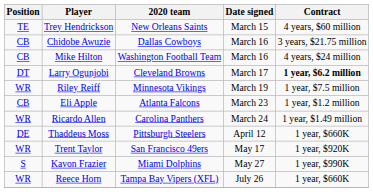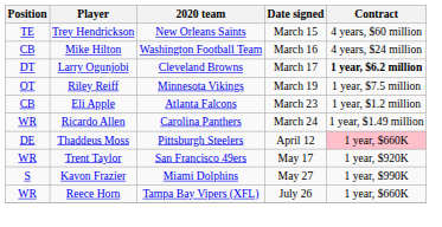 <table class="wikitable" style="text-align:center">
 <tr>
 <th>Position</th>
 <th>Player</th>
 <th>2020 team</th>
 <th>Date signed</th>
 <th>Contract</th>
 </tr>
 <tr>
 <td><a href='#'>TE</a></td>
 <td><a href='#'>Trey Hendrickson</a></td>
 <td><a href='#'>New Orleans Saints</a></td>
 <td>March 15</td>
 <td>4 years, $60 million</td>
 </tr>
 <tr>
 <td><a href='#'>CB</a></td>
-<td><a href='#'>Chidobe Awuzie</a></td>
-<td><a href='#'>Dallas Cowboys</a></td>
-<td>March 16</td>
-<td>3 years, $21.75 million</td>
-</tr>
-<tr>
-<td><a href='#'>CB</a></td>
 <td><a href='#'>Mike Hilton</a></td>
 <td><a href='#'>Washington Football Team</a></td>
 <td>March 16</td>
 <td>4 years, $24 million</td>
 </tr>
 <tr>
 <td><a href='#'>DT</a></td>
 <td><a href='#'>Larry Ogunjobi</a></td>
 <td><a href='#'>Cleveland Browns</a></td>
 <td>March 17</td>
 <td><strong>1 year, $6.2 million</strong></td>
 </tr>
 <tr>
-<td><a href='#'>WR</a></td>
+<td><a href='#'>OT</a></td>
 <td><a href='#'>Riley Reiff</a></td>
 <td><a href='#'>Minnesota Vikings</a></td>
 <td>March 19</td>
 <td>1 year, $7.5 million</td>
 </tr>
 <tr>
 <td><a href='#'>CB</a></td>
 <td><a href='#'>Eli Apple</a></td>
 <td><a href='#'>Atlanta Falcons</a></td>
 <td>March 23</td>
 <td>1 year, $1.2 million</td>
 </tr>
 <tr>
 <td><a href='#'>WR</a></td>
 <td><a href='#'>Ricardo Allen</a></td>
 <td><a href='#'>Carolina Panthers</a></td>
 <td>March 24</td>
 <td>1 year, $1.49 million</td>
 </tr>
 <tr>
 <td><a href='#'>DE</a></td>
 <td><a href='#'>Thaddeus Moss</a></td>
 <td><a href='#'>Pittsburgh Steelers</a></td>
 <td>April 12</td>
-<td>1 year, $660K</td>
+<td style="background: pink;">1 year, $660K</td>
 </tr>
 <tr>
 <td><a href='#'>WR</a></td>
 <td><a href='#'>Trent Taylor</a></td>
 <td><a href='#'>San Francisco 49ers</a></td>
 <td>May 17</td>
 <td>1 year, $920K</td>
 </tr>
 <tr>
 <td><a href='#'>S</a></td>
 <td><a href='#'>Kavon Frazier</a></td>
 <td><a href='#'>Miami Dolphins</a></td>
 <td>May 27</td>
 <td>1 year, $990K</td>
 </tr>
 <tr>
 <td><a href='#'>WR</a></td>
 <td><a href='#'>Reece Horn</a></td>
 <td><a href='#'>Tampa Bay Vipers (XFL)</a></td>
 <td>July 26</td>
 <td>1 year, $660K</td>
 </tr>
 <tr>
 </tr>
 </table>
